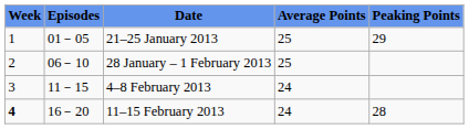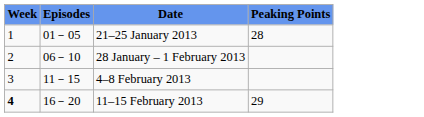 <table class="wikitable" style="font-size:14px;">
 <tr style="background:cornflowerblue; colour:white" align="center">
 <td><strong>Week</strong></td>
 <td><strong>Episodes</strong></td>
 <td><strong>Date</strong></td>
-<td><strong>Average Points</strong></td>
 <td><strong>Peaking Points</strong></td>
 </tr>
 <tr>
 <td>1</td>
 <td>01－05</td>
 <td>21–25 January 2013</td>
-<td>25</td>
-<td>29</td>
+<td>28</td>
 </tr>
 <tr>
 <td>2</td>
 <td>06－10</td>
 <td>28 January – 1 February 2013</td>
-<td>25</td>
 <td></td>
 </tr>
 <tr>
 <td>3</td>
 <td>11－15</td>
 <td>4–8 February 2013</td>
-<td>24</td>
 <td></td>
 </tr>
 <tr>
 <td><strong>4</strong></td>
 <td>16－20</td>
 <td>11–15 February 2013</td>
-<td>24</td>
-<td>28</td>
+<td>29</td>
 </tr>
 </table>
